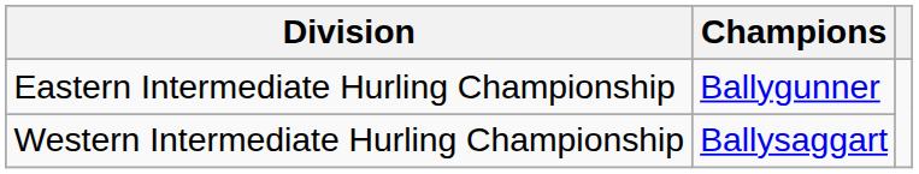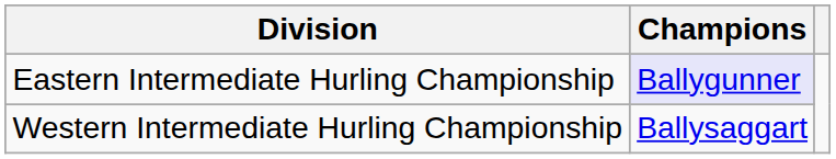 <table class="wikitable">
 <tr>
 <th>Division</th>
 <th>Champions</th>
 <th></th>
 </tr>
 <tr>
 <td>Eastern Intermediate Hurling Championship</td>
-<td><a href='#'>Ballygunner</a></td>
+<td style="background: lavender;"><a href='#'>Ballygunner</a></td>
 <td rowspan=2></td>
 </tr>
 <tr>
 <td>Western Intermediate Hurling Championship</td>
 <td><a href='#'>Ballysaggart</a></td>
 </tr>
 </table>
